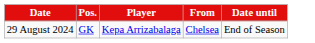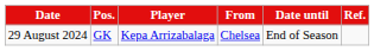 <table class="wikitable plainrowheaders sortable">
 <tr>
 <th style="background:#e20e0e;color:#FFFFFF;">Date</th>
 <th style="background:#e20e0e;color:#FFFFFF;">Pos.</th>
 <th style="background:#e20e0e;color:#FFFFFF;">Player</th>
 <th style="background:#e20e0e;color:#FFFFFF;">From</th>
 <th style="background:#e20e0e;color:#FFFFFF;">Date until</th>
+<th style="background:#e20e0e;color:#FFFFFF;">Ref.</th>
 </tr>
 <tr>
 <td>29 August 2024</td>
 <td><a href='#'>GK</a></td>
 <td> <a href='#'>Kepa Arrizabalaga</a></td>
 <td> <a href='#'>Chelsea</a></td>
 <td>End of Season</td>
+<td></td>
 </tr>
 </table>
